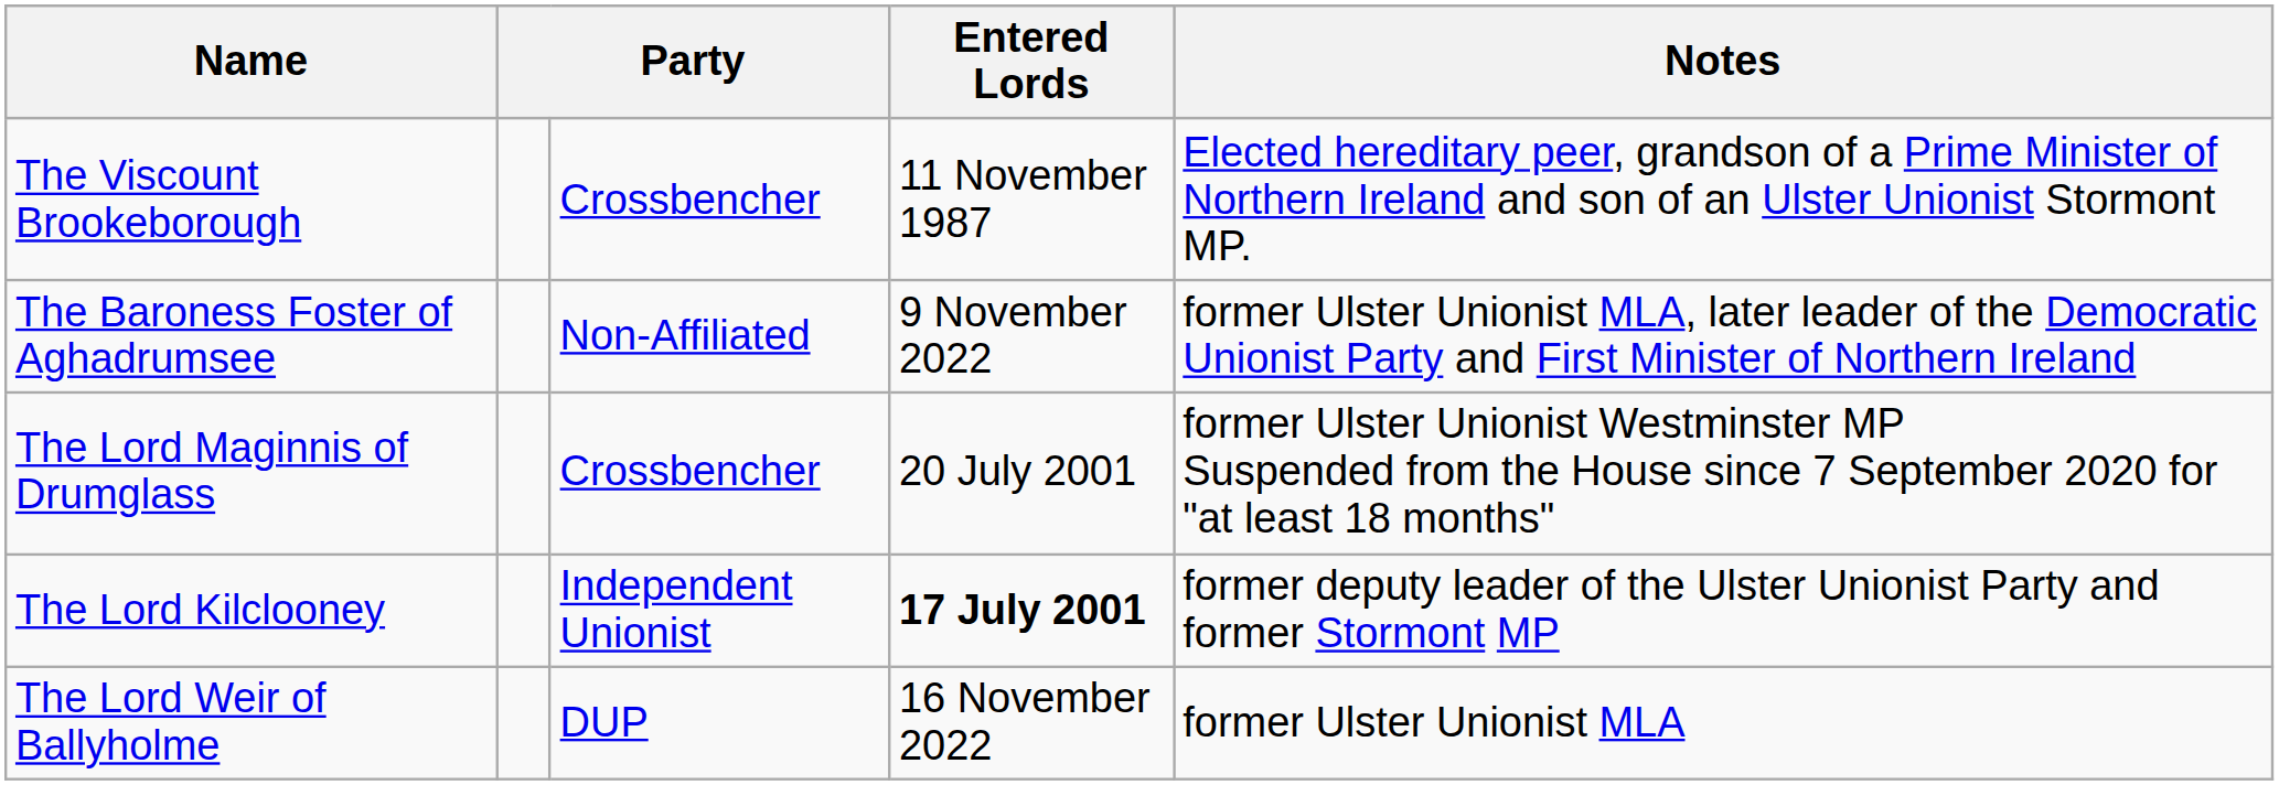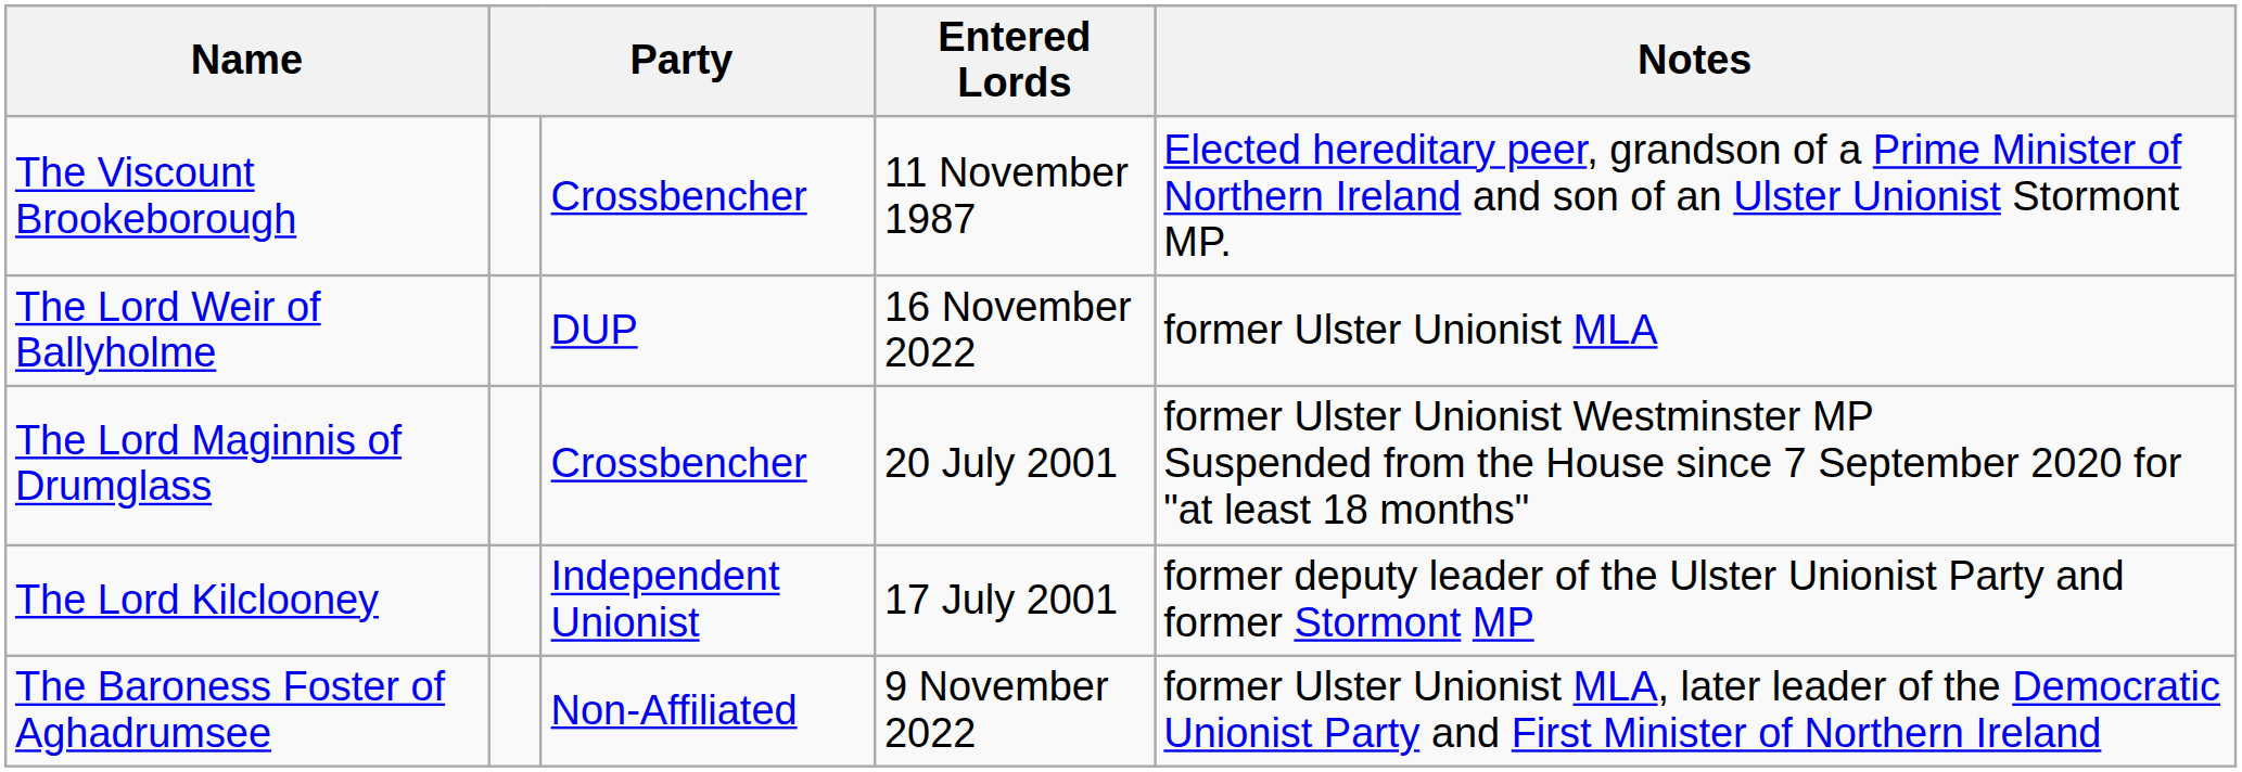 <table class="wikitable sortable" scope="row">
 <tr bgcolor=cccccc>
 <th>Name</th>
 <th colspan=2>Party</th>
 <th>Entered Lords</th>
 <th>Notes</th>
 </tr>
 <tr>
 <td><a href='#'>The Viscount Brookeborough</a></td>
 <td style="background:">   </td>
 <td><a href='#'>Crossbencher</a></td>
 <td>11 November 1987</td>
 <td><a href='#'>Elected hereditary peer</a>, grandson of a <a href='#'>Prime Minister of Northern Ireland</a> and son of an <a href='#'>Ulster Unionist</a> Stormont MP.</td>
 </tr>
 <tr>
-<td><a href='#'>The Baroness Foster of Aghadrumsee</a></td>
+<td><a href='#'>The Lord Weir of Ballyholme</a></td>
 <td style="background:">   </td>
-<td><a href='#'>Non-Affiliated</a></td>
-<td>9 November 2022</td>
-<td>former Ulster Unionist <a href='#'>MLA</a>, later leader of the <a href='#'>Democratic Unionist Party</a> and <a href='#'>First Minister of Northern Ireland</a></td>
+<td><a href='#'>DUP</a></td>
+<td>16 November 2022</td>
+<td>former Ulster Unionist <a href='#'>MLA</a></td>
 </tr>
 <tr>
 <td><a href='#'>The Lord Maginnis of Drumglass</a></td>
 <td style="background:">   </td>
 <td><a href='#'>Crossbencher</a></td>
 <td>20 July 2001</td>
 <td>former Ulster Unionist Westminster MP<br>Suspended from the House since 7 September 2020 for "at least 18 months"</td>
 </tr>
 <tr>
 <td><a href='#'>The Lord Kilclooney</a></td>
 <td style="background:">   </td>
 <td><a href='#'>Independent Unionist</a></td>
-<td><strong>17 July 2001</strong></td>
+<td>17 July 2001</td>
 <td>former deputy leader of the Ulster Unionist Party and former <a href='#'>Stormont</a> <a href='#'>MP</a></td>
 </tr>
 <tr>
-<td><a href='#'>The Lord Weir of Ballyholme</a></td>
+<td><a href='#'>The Baroness Foster of Aghadrumsee</a></td>
 <td style="background:">   </td>
-<td><a href='#'>DUP</a></td>
-<td>16 November 2022</td>
-<td>former Ulster Unionist <a href='#'>MLA</a></td>
+<td><a href='#'>Non-Affiliated</a></td>
+<td>9 November 2022</td>
+<td>former Ulster Unionist <a href='#'>MLA</a>, later leader of the <a href='#'>Democratic Unionist Party</a> and <a href='#'>First Minister of Northern Ireland</a></td>
 </tr>
 </table>
